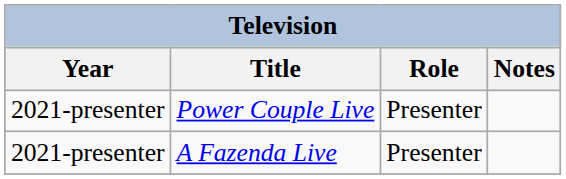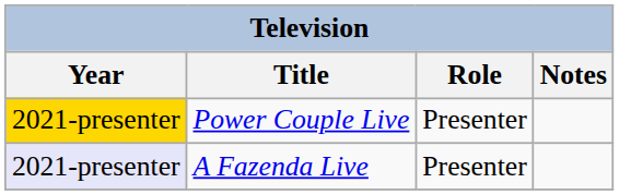 <table class="wikitable" style="font-size: 90%;">
 <tr>
 <th colspan="4" style="background: LightSteelBlue;">Television</th>
 </tr>
 <tr>
 <th>Year</th>
 <th>Title</th>
 <th>Role</th>
 <th>Notes</th>
 </tr>
 <tr>
-<td>2021-presenter</td>
+<td style="background: gold;">2021-presenter</td>
 <td><em><a href='#'>Power Couple Live</a></em></td>
 <td>Presenter</td>
 <td></td>
 </tr>
 <tr>
-<td>2021-presenter</td>
+<td style="background: lavender;">2021-presenter</td>
 <td><em><a href='#'> A Fazenda Live</a></em></td>
 <td>Presenter</td>
 </tr>
 </table>
